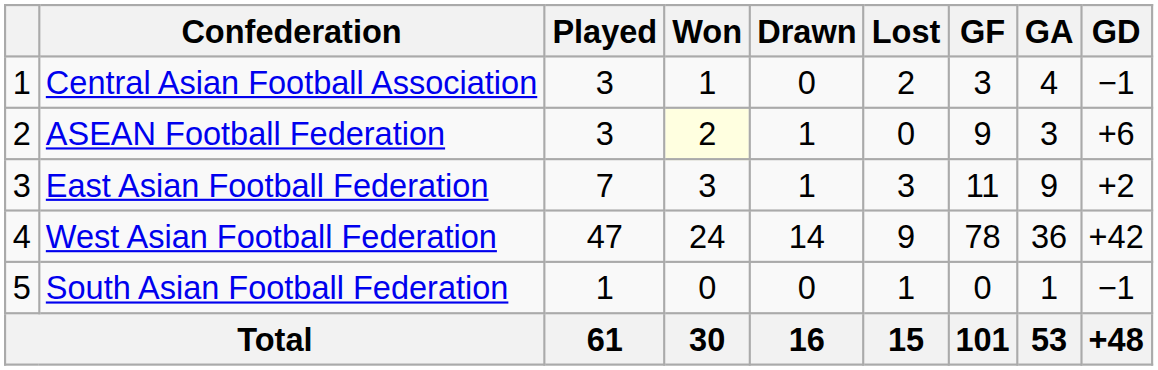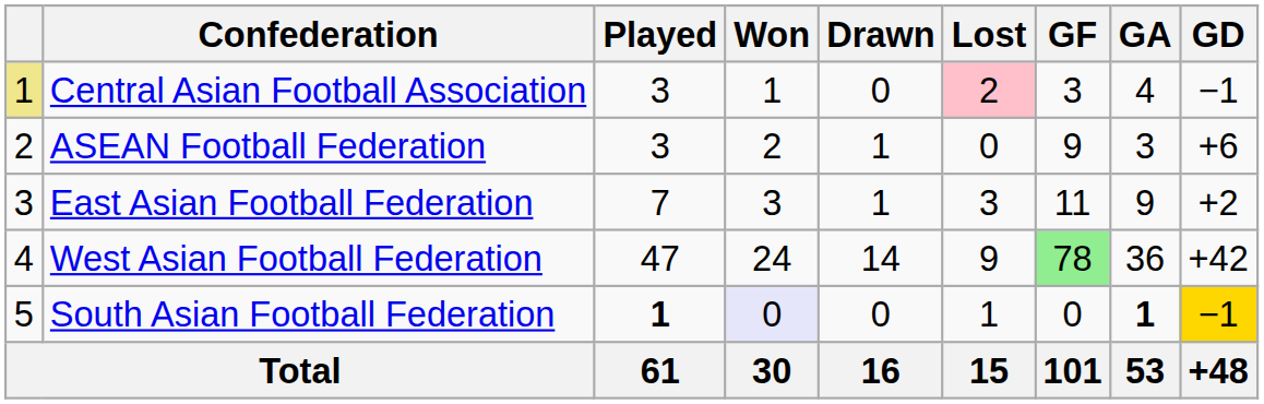 <table class="wikitable plainrowheaders sortable" style="text-align:center;font-size:95%">
 <tr>
 <th></th>
 <th>Confederation</th>
 <th>Played</th>
 <th>Won</th>
 <th>Drawn</th>
 <th>Lost</th>
 <th>GF</th>
 <th>GA</th>
 <th>GD</th>
 </tr>
 <tr align=center>
-<td>1</td>
+<td style="background: khaki;">1</td>
 <td align=left><a href='#'>Central Asian Football Association</a></td>
 <td align="center">3</td>
 <td align="center">1</td>
 <td align="center">0</td>
-<td align="center">2</td>
+<td align="center" style="background: pink;">2</td>
 <td align="center">3</td>
 <td align="center">4</td>
 <td align="center">−1</td>
 </tr>
 <tr align=center>
 <td>2</td>
 <td align=left><a href='#'>ASEAN Football Federation</a></td>
 <td align="center">3</td>
-<td align="center" style="background: lightyellow;">2</td>
+<td align="center">2</td>
 <td align="center">1</td>
 <td align="center">0</td>
 <td align="center">9</td>
 <td align="center">3</td>
 <td align="center">+6</td>
 </tr>
 <tr align=center>
 <td>3</td>
 <td align=left><a href='#'>East Asian Football Federation</a></td>
 <td align="center">7</td>
 <td align="center">3</td>
 <td align="center">1</td>
 <td align="center">3</td>
 <td align="center">11</td>
 <td align="center">9</td>
 <td align="center">+2</td>
 </tr>
 <tr align=center>
 <td>4</td>
 <td align=left><a href='#'>West Asian Football Federation</a></td>
 <td align="center">47</td>
 <td align="center">24</td>
 <td align="center">14</td>
 <td align="center">9</td>
-<td align="center">78</td>
+<td align="center" style="background: lightgreen;">78</td>
 <td align="center">36</td>
 <td align="center">+42</td>
 </tr>
 <tr align=center>
 <td>5</td>
 <td align=left><a href='#'>South Asian Football Federation</a></td>
-<td align="center">1</td>
-<td align="center">0</td>
+<td align="center"><strong>1</strong></td>
+<td align="center" style="background: lavender;">0</td>
 <td align="center">0</td>
 <td align="center">1</td>
 <td align="center">0</td>
-<td align="center">1</td>
-<td align="center">−1</td>
+<td align="center"><strong>1</strong></td>
+<td align="center" style="background: gold;">−1</td>
 </tr>
 <tr>
 <th colspan=2>Total</th>
 <th>61</th>
 <th>30</th>
 <th>16</th>
 <th>15</th>
 <th>101</th>
 <th>53</th>
 <th>+48</th>
 </tr>
 </table>
